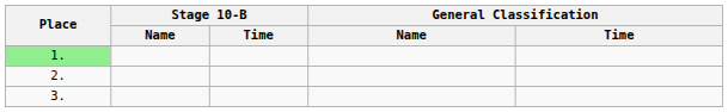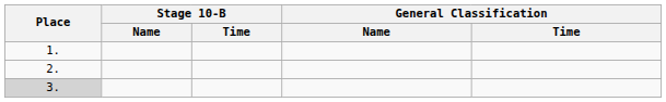 <table class=wikitable style="font-size:95%" width="80%">
 <tr>
 <th rowspan="2">Place</th>
 <th colspan="2">Stage 10-B</th>
 <th colspan="2">General Classification</th>
 </tr>
 <tr>
 <th>Name</th>
 <th>Time</th>
 <th>Name</th>
 <th>Time</th>
 </tr>
 <tr>
-<td align="center" style="background: lightgreen;">1.</td>
+<td align="center">1.</td>
 <td></td>
 <td></td>
 <td></td>
 <td></td>
 </tr>
 <tr>
 <td align="center">2.</td>
 <td></td>
 <td></td>
 <td></td>
 <td></td>
 </tr>
 <tr>
-<td align="center">3.</td>
+<td align="center" style="background: lightgrey;">3.</td>
 <td></td>
 <td></td>
 <td></td>
 <td></td>
 </tr>
 </table>
